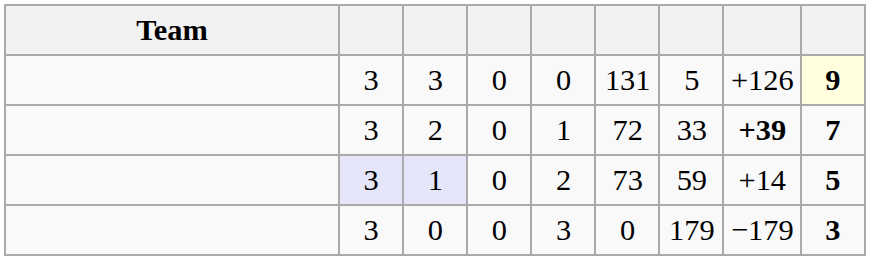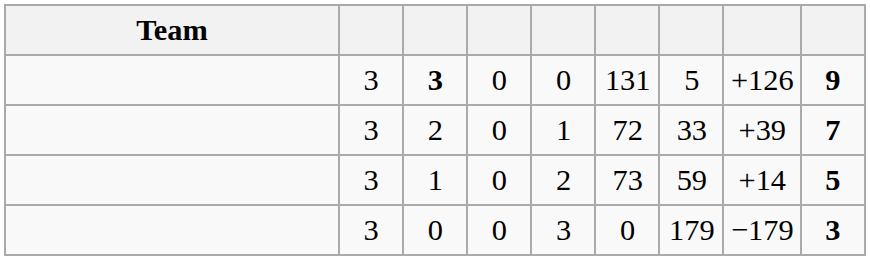 <table class="wikitable" style="text-align: center; font-size:95% ">
 <tr>
 <th width=160>Team</th>
 <th width=25></th>
 <th width=25></th>
 <th width=25></th>
 <th width=25></th>
 <th width=25></th>
 <th width=25></th>
 <th width=25></th>
 <th width=25></th>
 </tr>
 <tr>
 <td align=left></td>
 <td>3</td>
-<td>3</td>
+<td><strong>3</strong></td>
 <td>0</td>
 <td>0</td>
 <td>131</td>
 <td>5</td>
 <td>+126</td>
-<td style="background: lightyellow;"><strong>9</strong></td>
+<td><strong>9</strong></td>
 </tr>
 <tr>
 <td align=left></td>
 <td>3</td>
 <td>2</td>
 <td>0</td>
 <td>1</td>
 <td>72</td>
 <td>33</td>
-<td><strong>+39</strong></td>
+<td>+39</td>
 <td><strong>7</strong></td>
 </tr>
 <tr>
 <td align=left></td>
-<td style="background: lavender;">3</td>
-<td style="background: lavender;">1</td>
+<td>3</td>
+<td>1</td>
 <td>0</td>
 <td>2</td>
 <td>73</td>
 <td>59</td>
 <td>+14</td>
 <td><strong>5</strong></td>
 </tr>
 <tr>
 <td align=left></td>
 <td>3</td>
 <td>0</td>
 <td>0</td>
 <td>3</td>
 <td>0</td>
 <td>179</td>
 <td>−179</td>
 <td><strong>3</strong></td>
 </tr>
 </table>
